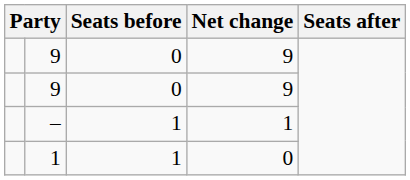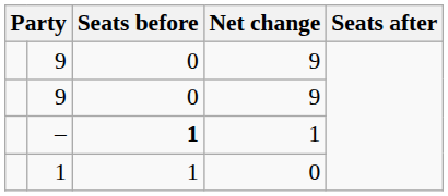 <table class=wikitable style="text-align:right">
 <tr>
 <th colspan="2">Party</th>
 <th>Seats before</th>
 <th>Net change</th>
 <th>Seats after</th>
 </tr>
 <tr>
 <td></td>
 <td>9</td>
 <td> 0</td>
 <td>9</td>
 </tr>
 <tr>
 <td></td>
 <td>9</td>
 <td> 0</td>
 <td>9</td>
 </tr>
 <tr>
 <td></td>
 <td>–</td>
-<td> 1</td>
+<td><strong> 1</strong></td>
 <td>1</td>
 </tr>
 <tr>
 <td></td>
 <td>1</td>
 <td> 1</td>
 <td>0</td>
 </tr>
 </table>
